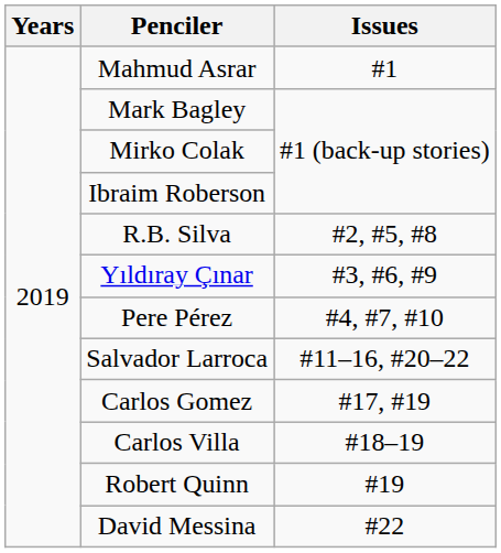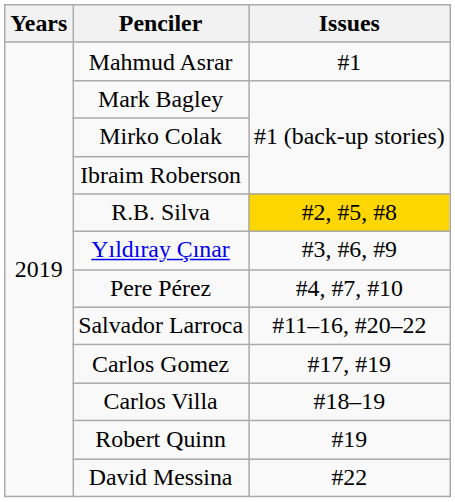 <table class="wikitable" style="vertical-align:text-top">
 <tr>
 <th>Years</th>
 <th>Penciler</th>
 <th>Issues</th>
 </tr>
 <tr>
 <td align="center" rowspan="12">2019</td>
 <td align="center">Mahmud Asrar</td>
 <td align="center">#1</td>
 </tr>
 <tr>
 <td align="center">Mark Bagley</td>
 <td align="center" rowspan="3">#1 (back-up stories)</td>
 </tr>
 <tr>
 <td align="center">Mirko Colak</td>
 </tr>
 <tr>
 <td align="center">Ibraim Roberson</td>
 </tr>
 <tr>
 <td align="center">R.B. Silva</td>
-<td align="center">#2, #5, #8</td>
+<td align="center" style="background: gold;">#2, #5, #8</td>
 </tr>
 <tr>
 <td align="center"><a href='#'>Yıldıray Çınar</a></td>
 <td align="center">#3, #6, #9</td>
 </tr>
 <tr>
 <td align="center">Pere Pérez</td>
 <td align="center">#4, #7, #10</td>
 </tr>
 <tr>
 <td align="center">Salvador Larroca</td>
 <td align="center">#11–16, #20–22</td>
 </tr>
 <tr>
 <td align="center">Carlos Gomez</td>
 <td align="center">#17, #19</td>
 </tr>
 <tr>
 <td align="center">Carlos Villa</td>
 <td align="center">#18–19</td>
 </tr>
 <tr>
 <td align="center">Robert Quinn</td>
 <td align="center">#19</td>
 </tr>
 <tr>
 <td align="center">David Messina</td>
 <td align="center">#22</td>
 </tr>
 </table>
